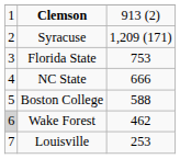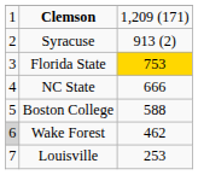 <table class="wikitable" style="display: inline-table;">
 <tr align="center">
 </tr>
 <tr align="center">
 <td>1</td>
 <td><strong>Clemson</strong></td>
-<td>913 (2)</td>
+<td>1,209 (171)</td>
 </tr>
 <tr align="center">
 <td>2</td>
 <td>Syracuse</td>
-<td>1,209 (171)</td>
+<td>913 (2)</td>
 </tr>
 <tr align="center">
 <td>3</td>
 <td>Florida State</td>
-<td>753</td>
+<td style="background: gold;">753</td>
 </tr>
 <tr align="center">
 <td>4</td>
 <td>NC State</td>
 <td>666</td>
 </tr>
 <tr align="center">
 <td>5</td>
 <td>Boston College</td>
 <td>588</td>
 </tr>
 <tr align="center">
 <td style="background: lightgrey;">6</td>
 <td>Wake Forest</td>
 <td>462</td>
 </tr>
 <tr align="center">
 <td>7</td>
 <td>Louisville</td>
 <td>253</td>
 </tr>
 </table>
